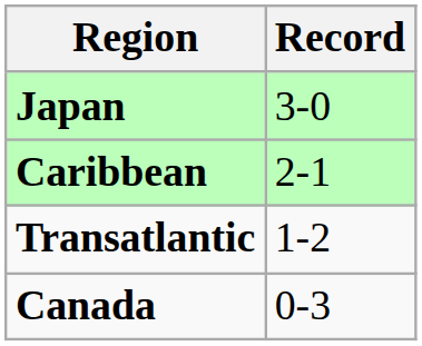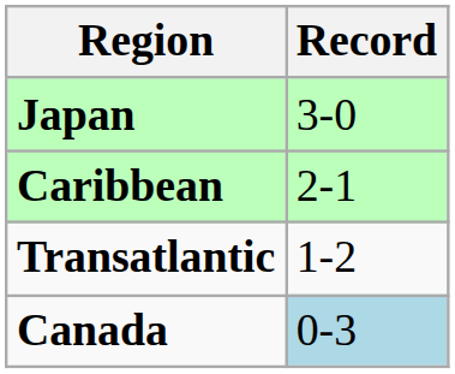 <table class="wikitable">
 <tr>
 <th>Region</th>
 <th>Record</th>
 </tr>
 <tr bgcolor=#bbffbb>
 <td><strong>Japan</strong></td>
 <td>3-0</td>
 </tr>
 <tr bgcolor=#bbffbb>
 <td><strong>Caribbean</strong></td>
 <td>2-1</td>
 </tr>
 <tr>
 <td><strong>Transatlantic</strong></td>
 <td>1-2</td>
 </tr>
 <tr>
 <td><strong>Canada</strong></td>
-<td>0-3</td>
+<td style="background: lightblue;">0-3</td>
 </tr>
 </table>
